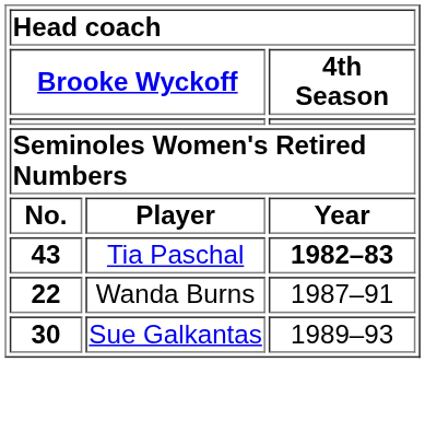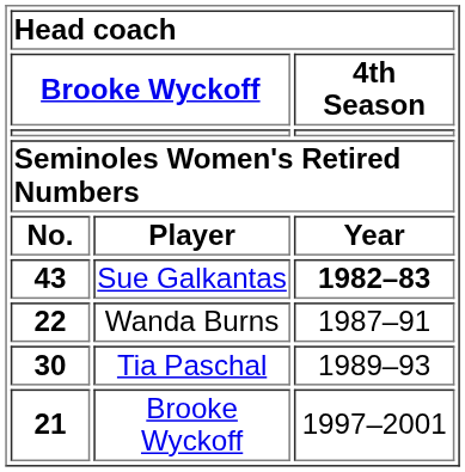 <table style="float: right;" border="1">
 <tr>
 <td colspan="3"><strong>Head coach</strong></td>
 </tr>
 <tr>
 <td colspan="2" style="background:white; color:#000; text-align: center;"><strong><a href='#'>Brooke Wyckoff</a></strong></td>
 <td style="text-align: center;"><strong>4th Season</strong></td>
 </tr>
 <tr>
 <td colspan="2" style="background:white; color:#000; text-align: center;"></td>
 <td style="text-align: center;"></td>
 </tr>
 <tr>
 <td colspan="3"><strong>Seminoles Women's Retired Numbers</strong></td>
 </tr>
 <tr>
 <th style="width:40px; ">No.</th>
 <th style="width:105px; ">Player</th>
 <th style="width:85px; ">Year</th>
 </tr>
 <tr align=center>
 <td><strong>43</strong></td>
-<td><a href='#'>Tia Paschal</a></td>
+<td><a href='#'>Sue Galkantas</a></td>
 <td><strong>1982–83</strong></td>
 </tr>
 <tr align=center>
 <td><strong>22</strong></td>
 <td>Wanda Burns</td>
 <td>1987–91</td>
 </tr>
 <tr align=center>
 <td><strong>30</strong></td>
-<td><a href='#'>Sue Galkantas</a></td>
+<td><a href='#'>Tia Paschal</a></td>
 <td>1989–93</td>
 </tr>
+<tr align=center>
+<td><strong>21</strong></td>
+<td><a href='#'>Brooke Wyckoff</a></td>
+<td>1997–2001</td>
+</tr>
 </table>
